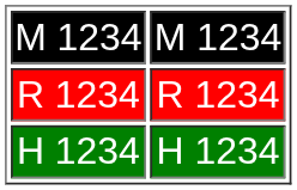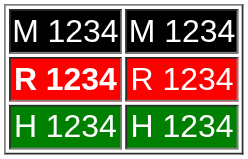 <table border="1" style="margin:1em auto;">
 <tr size="40"  style="text-align:center; color:white; font-size:14pt; background:black;">
 <td>M 1234</td>
 <td>M 1234</td>
 </tr>
 <tr style="text-align:center; color:white; font-size:14pt; background:red;">
-<td>R 1234</td>
+<td><strong>R 1234</strong></td>
 <td>R 1234</td>
 </tr>
 <tr style="text-align:center; color:white; font-size:14pt; background:green;">
 <td>H 1234</td>
 <td>H 1234</td>
 </tr>
 </table>
